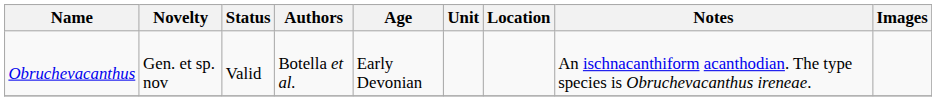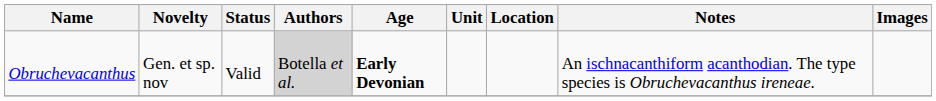 <table class="wikitable sortable" align="center" width="100%">
 <tr>
 <th>Name</th>
 <th>Novelty</th>
 <th>Status</th>
 <th>Authors</th>
 <th>Age</th>
 <th>Unit</th>
 <th>Location</th>
 <th>Notes</th>
 <th>Images</th>
 </tr>
 <tr>
 <td><br><em><a href='#'>Obruchevacanthus</a></em> </td>
 <td><br>Gen. et sp. nov</td>
 <td><br>Valid</td>
-<td><br>Botella <em>et al.</em></td>
-<td><br>Early Devonian</td>
+<td style="background: lightgrey;"><br>Botella <em>et al.</em></td>
+<td><strong><br>Early Devonian</strong></td>
 <td></td>
 <td><br></td>
 <td><br>An <a href='#'>ischnacanthiform</a> <a href='#'>acanthodian</a>. The type species is <em>Obruchevacanthus ireneae</em>.</td>
 <td></td>
 </tr>
 <tr>
 </tr>
 </table>
